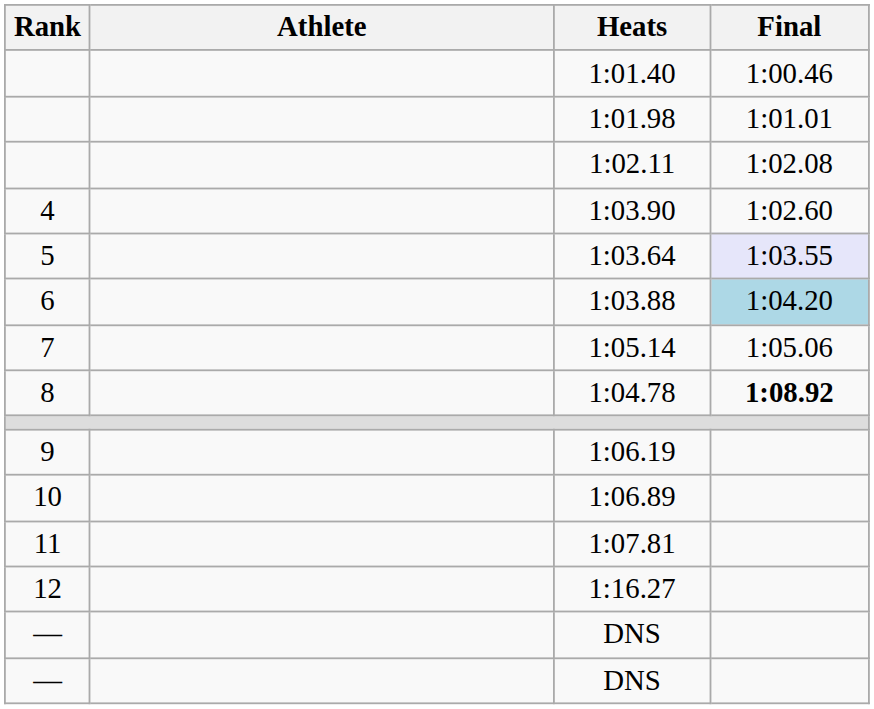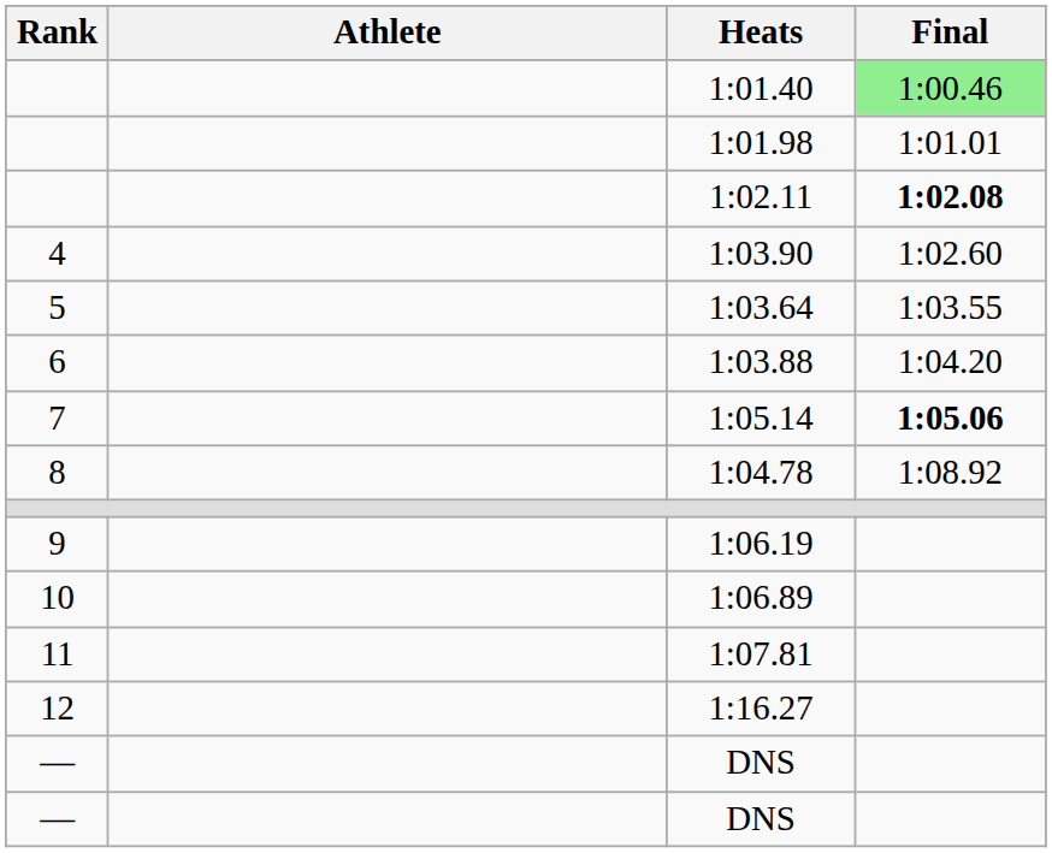 <table class=wikitable style="text-align:center">
 <tr>
 <th width=40>Rank</th>
 <th width=250>Athlete</th>
 <th width=80>Heats</th>
 <th width=80>Final</th>
 </tr>
 <tr>
 <td></td>
 <td align=left></td>
 <td>1:01.40</td>
-<td>1:00.46</td>
+<td style="background: lightgreen;">1:00.46</td>
 </tr>
 <tr>
 <td></td>
 <td align=left></td>
 <td>1:01.98</td>
 <td>1:01.01</td>
 </tr>
 <tr>
 <td></td>
 <td align=left></td>
 <td>1:02.11</td>
-<td>1:02.08</td>
+<td><strong>1:02.08</strong></td>
 </tr>
 <tr>
 <td>4</td>
 <td align=left></td>
 <td>1:03.90</td>
 <td>1:02.60</td>
 </tr>
 <tr>
 <td>5</td>
 <td align=left></td>
 <td>1:03.64</td>
-<td style="background: lavender;">1:03.55</td>
+<td>1:03.55</td>
 </tr>
 <tr>
 <td>6</td>
 <td align=left></td>
 <td>1:03.88</td>
-<td style="background: lightblue;">1:04.20</td>
+<td>1:04.20</td>
 </tr>
 <tr>
 <td>7</td>
 <td align=left></td>
 <td>1:05.14</td>
-<td>1:05.06</td>
+<td><strong>1:05.06</strong></td>
 </tr>
 <tr>
 <td>8</td>
 <td align=left></td>
 <td>1:04.78</td>
-<td><strong>1:08.92</strong></td>
+<td>1:08.92</td>
 </tr>
 <tr bgcolor=#DDDDDD>
 <td colspan=4></td>
 </tr>
 <tr>
 <td>9</td>
 <td align=left></td>
 <td>1:06.19</td>
 <td></td>
 </tr>
 <tr>
 <td>10</td>
 <td align=left></td>
 <td>1:06.89</td>
 <td></td>
 </tr>
 <tr>
 <td>11</td>
 <td align=left></td>
 <td>1:07.81</td>
 <td></td>
 </tr>
 <tr>
 <td>12</td>
 <td align=left></td>
 <td>1:16.27</td>
 <td></td>
 </tr>
 <tr>
 <td>—</td>
 <td align=left></td>
 <td>DNS</td>
 <td></td>
 </tr>
 <tr>
 <td>—</td>
 <td align=left></td>
 <td>DNS</td>
 <td></td>
 </tr>
 </table>
